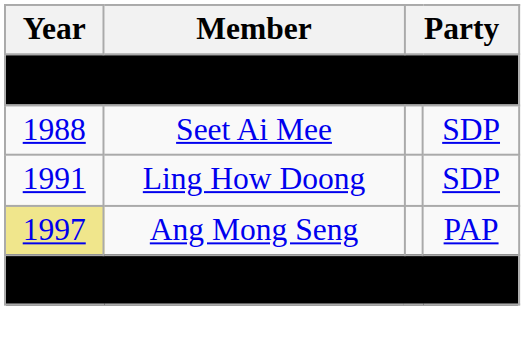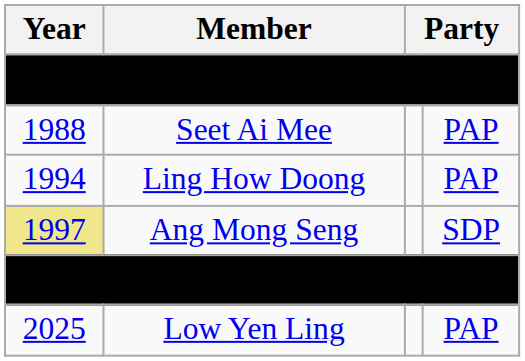 <table class="wikitable" align="center" style="text-align:center">
 <tr>
 <th>Year</th>
 <th>Member</th>
 <th colspan="2">Party</th>
 </tr>
 <tr>
 <td colspan=4 bgcolor=black><span><strong>Formation</strong></span></td>
 </tr>
 <tr>
 <td><a href='#'>1988</a></td>
 <td><a href='#'>Seet Ai Mee</a></td>
 <td></td>
-<td><a href='#'>SDP</a></td>
+<td><a href='#'>PAP</a></td>
 </tr>
 <tr>
-<td><a href='#'>1991</a></td>
+<td><a href='#'>1994</a></td>
 <td><a href='#'>Ling How Doong</a></td>
 <td></td>
-<td><a href='#'>SDP</a></td>
+<td><a href='#'>PAP</a></td>
 </tr>
 <tr>
 <td style="background: khaki;"><a href='#'>1997</a></td>
 <td><a href='#'>Ang Mong Seng</a></td>
 <td></td>
-<td><a href='#'>PAP</a></td>
+<td><a href='#'>SDP</a></td>
 </tr>
 <tr>
 <td colspan=4 bgcolor=black><span><strong>Constituency abolished (2001 – 2025)</strong></span></td>
 </tr>
+<tr>
+<td><a href='#'>2025</a></td>
+<td><a href='#'>Low Yen Ling</a></td>
+<td></td>
+<td><a href='#'>PAP</a></td>
+</tr>
 </table>
